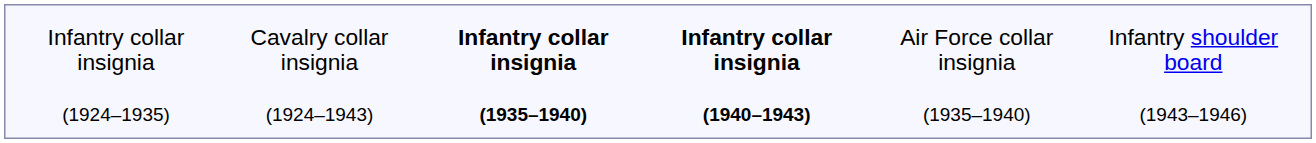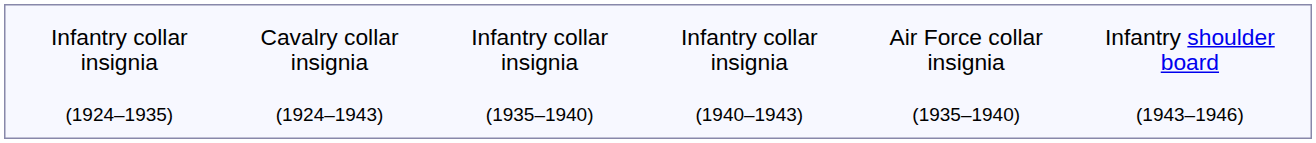 <table style="border:1px solid #8888aa; background-color:#f7f8ff; padding:5px; font-size:95%; margin: 12px 12px 12px 0px;">
 <tr align="center">
 <td></td>
 <td></td>
 <td></td>
 <td></td>
 <td></td>
 <td></td>
 </tr>
 <tr align="center">
 <td>Infantry collar insignia<br><br><small>(1924–1935)</small></td>
 <td>Cavalry collar insignia<br><br><small>(1924–1943)</small></td>
-<td><strong>Infantry collar insignia<br><br><small>(1935–1940)</small></strong></td>
-<td><strong>Infantry collar insignia<br><br><small>(1940–1943)</small></strong></td>
+<td>Infantry collar insignia<br><br><small>(1935–1940)</small></td>
+<td>Infantry collar insignia<br><br><small>(1940–1943)</small></td>
 <td>Air Force collar insignia <br><br><small>(1935–1940)</small></td>
 <td>Infantry <a href='#'>shoulder board</a> <br><br><small>(1943–1946)</small></td>
 </tr>
 </table>
